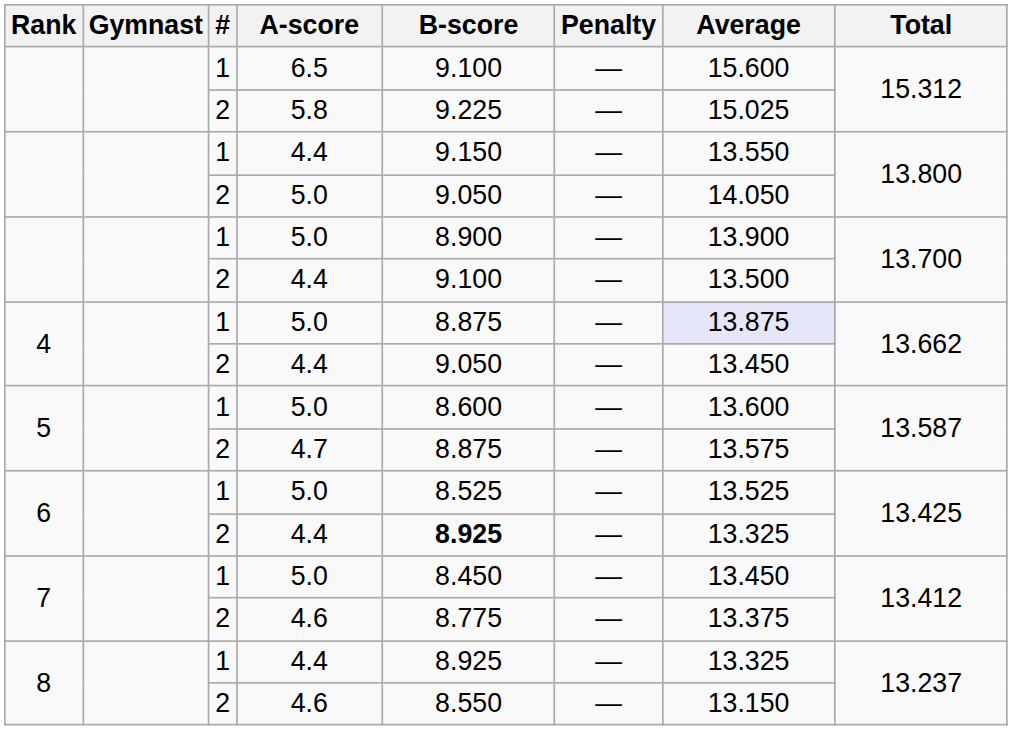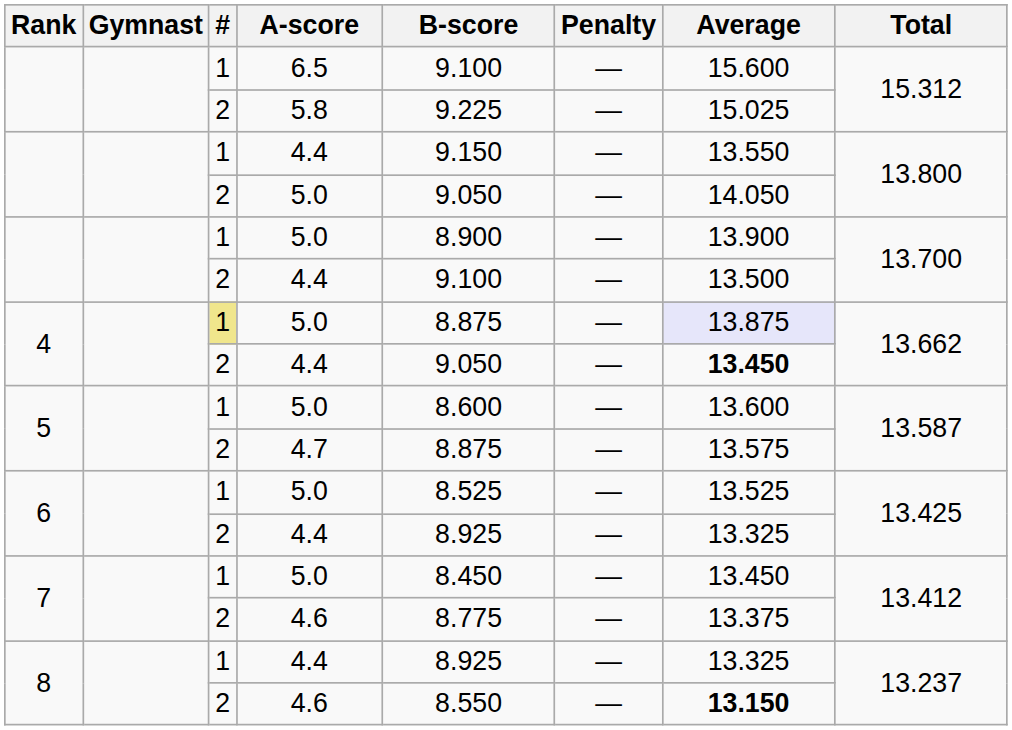 <table class="wikitable" style="text-align:center">
 <tr>
 <th>Rank</th>
 <th>Gymnast</th>
 <th>#</th>
 <th style="width:5em">A-score</th>
 <th style="width:6em">B-score</th>
 <th style="width:3em">Penalty</th>
 <th style="width:6em">Average</th>
 <th style="width:6em">Total</th>
 </tr>
 <tr>
 <td rowspan=2></td>
 <td rowspan=2 align=left></td>
 <td>1</td>
 <td>6.5</td>
 <td>9.100</td>
 <td>—</td>
 <td>15.600</td>
 <td rowspan=2>15.312</td>
 </tr>
 <tr>
 <td>2</td>
 <td>5.8</td>
 <td>9.225</td>
 <td>—</td>
 <td>15.025</td>
 </tr>
 <tr>
 <td rowspan=2></td>
 <td rowspan=2 align=left></td>
 <td>1</td>
 <td>4.4</td>
 <td>9.150</td>
 <td>—</td>
 <td>13.550</td>
 <td rowspan=2>13.800</td>
 </tr>
 <tr>
 <td>2</td>
 <td>5.0</td>
 <td>9.050</td>
 <td>—</td>
 <td>14.050</td>
 </tr>
 <tr>
 <td rowspan=2></td>
 <td rowspan=2 align=left></td>
 <td>1</td>
 <td>5.0</td>
 <td>8.900</td>
 <td>—</td>
 <td>13.900</td>
 <td rowspan=2>13.700</td>
 </tr>
 <tr>
 <td>2</td>
 <td>4.4</td>
 <td>9.100</td>
 <td>—</td>
 <td>13.500</td>
 </tr>
 <tr>
 <td rowspan=2>4</td>
 <td rowspan=2 align=left></td>
-<td>1</td>
+<td style="background: khaki;">1</td>
 <td>5.0</td>
 <td>8.875</td>
 <td>—</td>
 <td style="background: lavender;">13.875</td>
 <td rowspan=2>13.662</td>
 </tr>
 <tr>
 <td>2</td>
 <td>4.4</td>
 <td>9.050</td>
 <td>—</td>
-<td>13.450</td>
+<td><strong>13.450</strong></td>
 </tr>
 <tr>
 <td rowspan=2>5</td>
 <td rowspan=2 align=left></td>
 <td>1</td>
 <td>5.0</td>
 <td>8.600</td>
 <td>—</td>
 <td>13.600</td>
 <td rowspan=2>13.587</td>
 </tr>
 <tr>
 <td>2</td>
 <td>4.7</td>
 <td>8.875</td>
 <td>—</td>
 <td>13.575</td>
 </tr>
 <tr>
 <td rowspan=2>6</td>
 <td rowspan=2 align=left></td>
 <td>1</td>
 <td>5.0</td>
 <td>8.525</td>
 <td>—</td>
 <td>13.525</td>
 <td rowspan=2>13.425</td>
 </tr>
 <tr>
 <td>2</td>
 <td>4.4</td>
-<td><strong>8.925</strong></td>
+<td>8.925</td>
 <td>—</td>
 <td>13.325</td>
 </tr>
 <tr>
 <td rowspan=2>7</td>
 <td rowspan=2 align=left></td>
 <td>1</td>
 <td>5.0</td>
 <td>8.450</td>
 <td>—</td>
 <td>13.450</td>
 <td rowspan=2>13.412</td>
 </tr>
 <tr>
 <td>2</td>
 <td>4.6</td>
 <td>8.775</td>
 <td>—</td>
 <td>13.375</td>
 </tr>
 <tr>
 <td rowspan=2>8</td>
 <td rowspan=2 align=left></td>
 <td>1</td>
 <td>4.4</td>
 <td>8.925</td>
 <td>—</td>
 <td>13.325</td>
 <td rowspan=2>13.237</td>
 </tr>
 <tr>
 <td>2</td>
 <td>4.6</td>
 <td>8.550</td>
 <td>—</td>
-<td>13.150</td>
+<td><strong>13.150</strong></td>
 </tr>
 </table>
